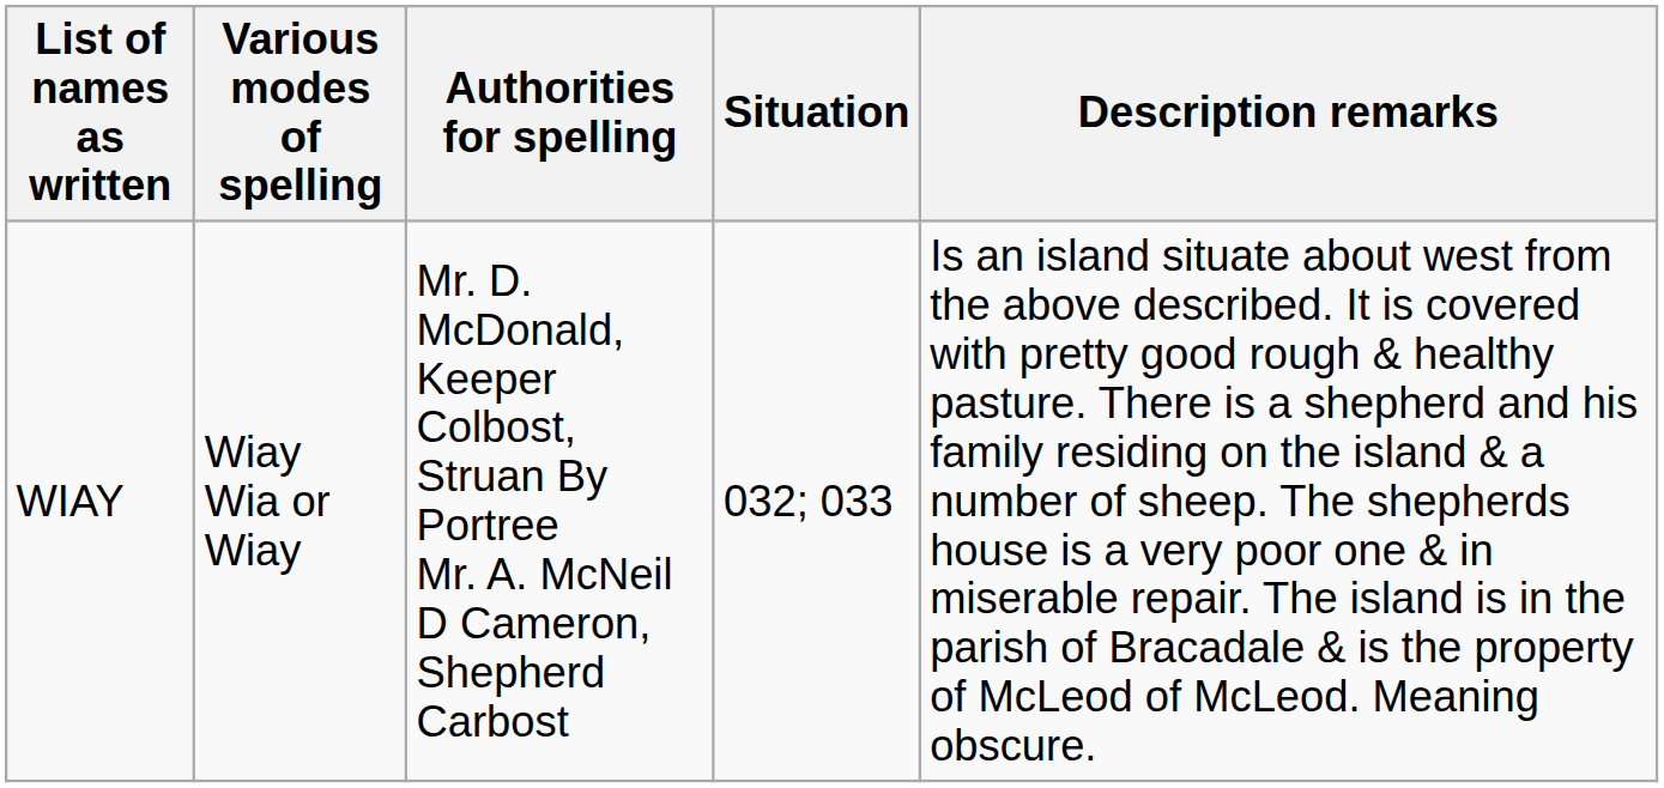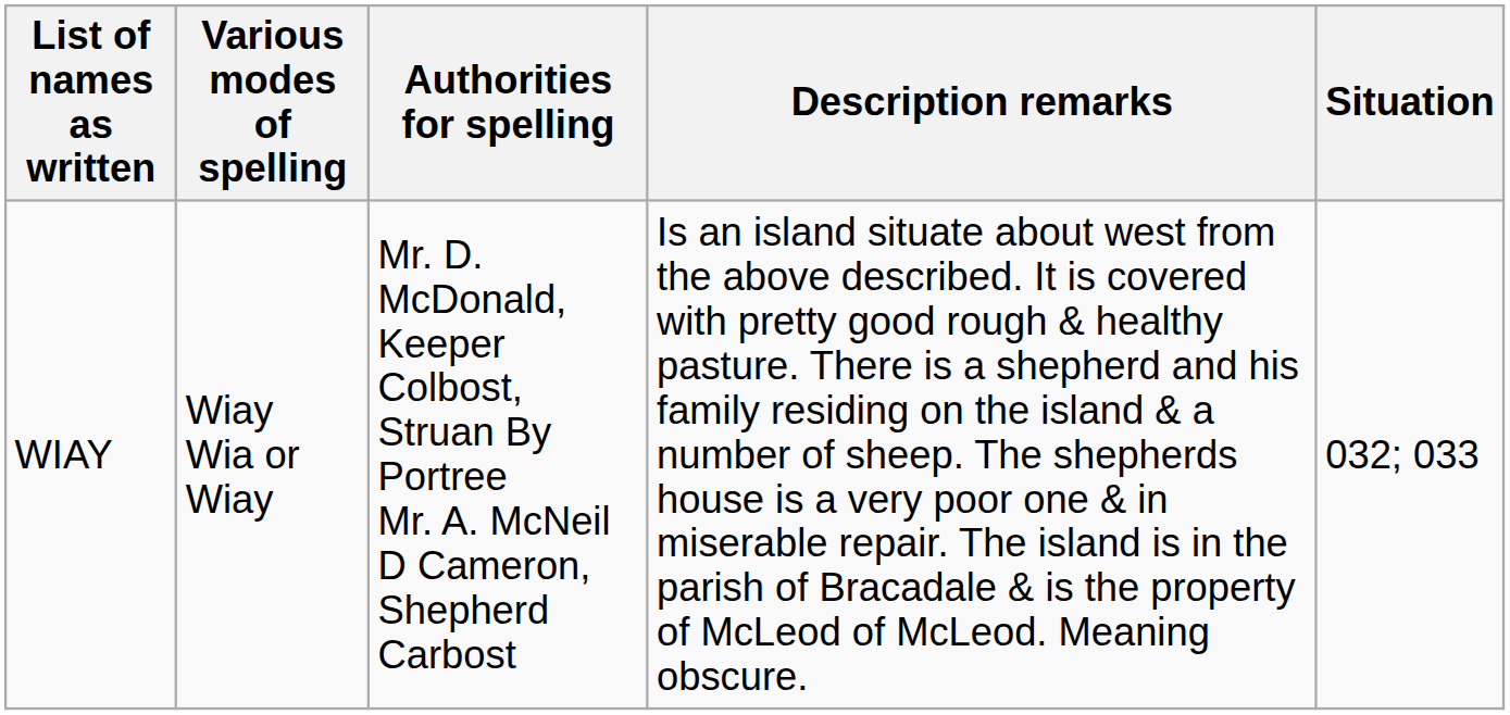 <table class="wikitable">
 <tr>
 <th>List of names as written</th>
 <th>Various modes of spelling</th>
 <th>Authorities for spelling</th>
+<th>Description remarks</th>
 <th>Situation</th>
-<th>Description remarks</th>
 </tr>
 <tr>
 <td>WIAY</td>
 <td>Wiay<br>Wia or Wiay</td>
 <td>Mr. D. McDonald, Keeper Colbost, Struan By Portree<br>Mr. A. McNeil D Cameron, Shepherd Carbost</td>
+<td>Is an island situate about  west from the above described. It is covered with pretty good rough & healthy pasture. There is a shepherd and his family residing on the island & a number of sheep. The shepherds house is a very poor one & in miserable repair. The island is in the parish of Bracadale & is the property of McLeod of McLeod. Meaning obscure.</td>
 <td>032; 033</td>
-<td>Is an island situate about  west from the above described. It is covered with pretty good rough & healthy pasture. There is a shepherd and his family residing on the island & a number of sheep. The shepherds house is a very poor one & in miserable repair. The island is in the parish of Bracadale & is the property of McLeod of McLeod. Meaning obscure.</td>
 </tr>
 </table>
